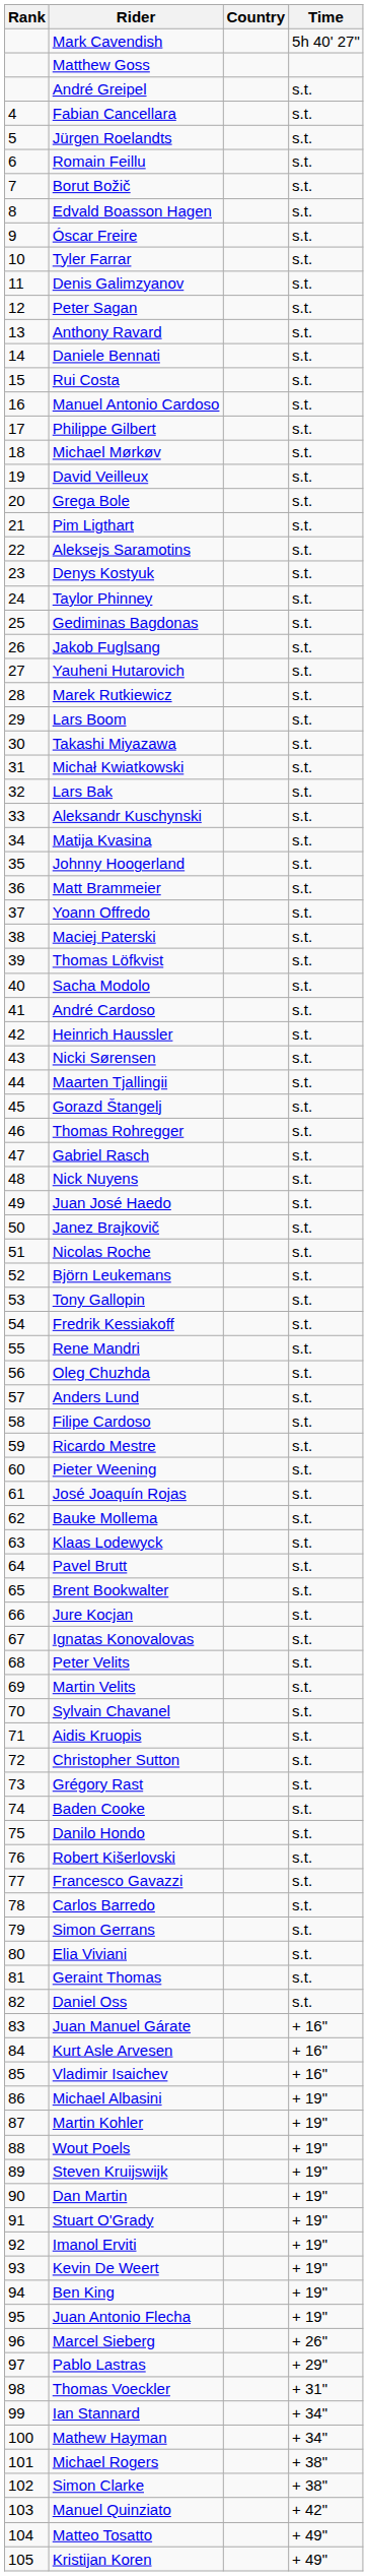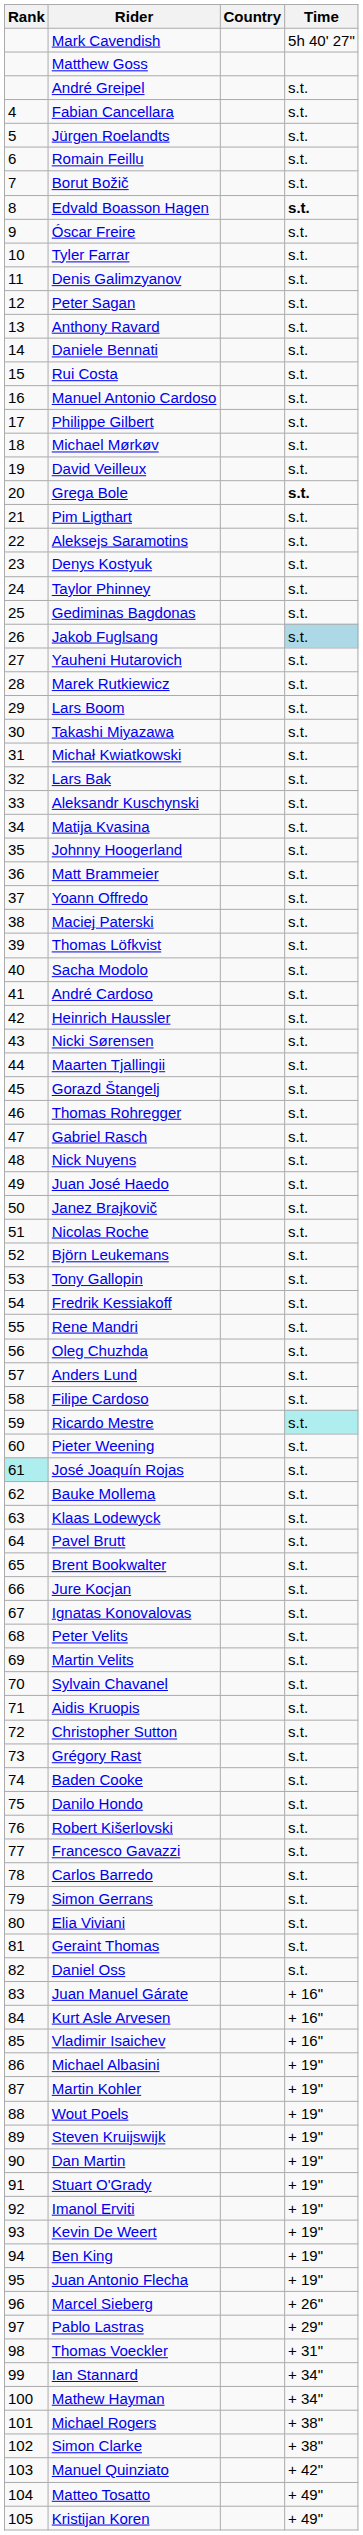 <table class="wikitable" style="font-size:95%; text-align:left;">
 <tr>
 <th>Rank</th>
 <th>Rider</th>
 <th>Country</th>
 <th>Time</th>
 </tr>
 <tr>
 <td></td>
 <td><a href='#'>Mark Cavendish</a></td>
 <td></td>
 <td>5h 40' 27"</td>
 </tr>
 <tr>
 <td></td>
 <td><a href='#'>Matthew Goss</a></td>
 <td></td>
 <td></td>
 </tr>
 <tr>
 <td></td>
 <td><a href='#'>André Greipel</a></td>
 <td></td>
 <td>s.t.</td>
 </tr>
 <tr>
 <td>4</td>
 <td><a href='#'>Fabian Cancellara</a></td>
 <td></td>
 <td>s.t.</td>
 </tr>
 <tr>
 <td>5</td>
 <td><a href='#'>Jürgen Roelandts</a></td>
 <td></td>
 <td>s.t.</td>
 </tr>
 <tr>
 <td>6</td>
 <td><a href='#'>Romain Feillu</a></td>
 <td></td>
 <td>s.t.</td>
 </tr>
 <tr>
 <td>7</td>
 <td><a href='#'>Borut Božič</a></td>
 <td></td>
 <td>s.t.</td>
 </tr>
 <tr>
 <td>8</td>
 <td><a href='#'>Edvald Boasson Hagen</a></td>
 <td></td>
-<td>s.t.</td>
+<td><strong>s.t.</strong></td>
 </tr>
 <tr>
 <td>9</td>
 <td><a href='#'>Óscar Freire</a></td>
 <td></td>
 <td>s.t.</td>
 </tr>
 <tr>
 <td>10</td>
 <td><a href='#'>Tyler Farrar</a></td>
 <td></td>
 <td>s.t.</td>
 </tr>
 <tr>
 <td>11</td>
 <td><a href='#'>Denis Galimzyanov</a></td>
 <td></td>
 <td>s.t.</td>
 </tr>
 <tr>
 <td>12</td>
 <td><a href='#'>Peter Sagan</a></td>
 <td></td>
 <td>s.t.</td>
 </tr>
 <tr>
 <td>13</td>
 <td><a href='#'>Anthony Ravard</a></td>
 <td></td>
 <td>s.t.</td>
 </tr>
 <tr>
 <td>14</td>
 <td><a href='#'>Daniele Bennati</a></td>
 <td></td>
 <td>s.t.</td>
 </tr>
 <tr>
 <td>15</td>
 <td><a href='#'>Rui Costa</a></td>
 <td></td>
 <td>s.t.</td>
 </tr>
 <tr>
 <td>16</td>
 <td><a href='#'>Manuel Antonio Cardoso</a></td>
 <td></td>
 <td>s.t.</td>
 </tr>
 <tr>
 <td>17</td>
 <td><a href='#'>Philippe Gilbert</a></td>
 <td></td>
 <td>s.t.</td>
 </tr>
 <tr>
 <td>18</td>
 <td><a href='#'>Michael Mørkøv</a></td>
 <td></td>
 <td>s.t.</td>
 </tr>
 <tr>
 <td>19</td>
 <td><a href='#'>David Veilleux</a></td>
 <td></td>
 <td>s.t.</td>
 </tr>
 <tr>
 <td>20</td>
 <td><a href='#'>Grega Bole</a></td>
 <td></td>
-<td>s.t.</td>
+<td><strong>s.t.</strong></td>
 </tr>
 <tr>
 <td>21</td>
 <td><a href='#'>Pim Ligthart</a></td>
 <td></td>
 <td>s.t.</td>
 </tr>
 <tr>
 <td>22</td>
 <td><a href='#'>Aleksejs Saramotins</a></td>
 <td></td>
 <td>s.t.</td>
 </tr>
 <tr>
 <td>23</td>
 <td><a href='#'>Denys Kostyuk</a></td>
 <td></td>
 <td>s.t.</td>
 </tr>
 <tr>
 <td>24</td>
 <td><a href='#'>Taylor Phinney</a></td>
 <td></td>
 <td>s.t.</td>
 </tr>
 <tr>
 <td>25</td>
 <td><a href='#'>Gediminas Bagdonas</a></td>
 <td></td>
 <td>s.t.</td>
 </tr>
 <tr>
 <td>26</td>
 <td><a href='#'>Jakob Fuglsang</a></td>
 <td></td>
-<td>s.t.</td>
+<td style="background: lightblue;">s.t.</td>
 </tr>
 <tr>
 <td>27</td>
 <td><a href='#'>Yauheni Hutarovich</a></td>
 <td></td>
 <td>s.t.</td>
 </tr>
 <tr>
 <td>28</td>
 <td><a href='#'>Marek Rutkiewicz</a></td>
 <td></td>
 <td>s.t.</td>
 </tr>
 <tr>
 <td>29</td>
 <td><a href='#'>Lars Boom</a></td>
 <td></td>
 <td>s.t.</td>
 </tr>
 <tr>
 <td>30</td>
 <td><a href='#'>Takashi Miyazawa</a></td>
 <td></td>
 <td>s.t.</td>
 </tr>
 <tr>
 <td>31</td>
 <td><a href='#'>Michał Kwiatkowski</a></td>
 <td></td>
 <td>s.t.</td>
 </tr>
 <tr>
 <td>32</td>
 <td><a href='#'>Lars Bak</a></td>
 <td></td>
 <td>s.t.</td>
 </tr>
 <tr>
 <td>33</td>
 <td><a href='#'>Aleksandr Kuschynski</a></td>
 <td></td>
 <td>s.t.</td>
 </tr>
 <tr>
 <td>34</td>
 <td><a href='#'>Matija Kvasina</a></td>
 <td></td>
 <td>s.t.</td>
 </tr>
 <tr>
 <td>35</td>
 <td><a href='#'>Johnny Hoogerland</a></td>
 <td></td>
 <td>s.t.</td>
 </tr>
 <tr>
 <td>36</td>
 <td><a href='#'>Matt Brammeier</a></td>
 <td></td>
 <td>s.t.</td>
 </tr>
 <tr>
 <td>37</td>
 <td><a href='#'>Yoann Offredo</a></td>
 <td></td>
 <td>s.t.</td>
 </tr>
 <tr>
 <td>38</td>
 <td><a href='#'>Maciej Paterski</a></td>
 <td></td>
 <td>s.t.</td>
 </tr>
 <tr>
 <td>39</td>
 <td><a href='#'>Thomas Löfkvist</a></td>
 <td></td>
 <td>s.t.</td>
 </tr>
 <tr>
 <td>40</td>
 <td><a href='#'>Sacha Modolo</a></td>
 <td></td>
 <td>s.t.</td>
 </tr>
 <tr>
 <td>41</td>
 <td><a href='#'>André Cardoso</a></td>
 <td></td>
 <td>s.t.</td>
 </tr>
 <tr>
 <td>42</td>
 <td><a href='#'>Heinrich Haussler</a></td>
 <td></td>
 <td>s.t.</td>
 </tr>
 <tr>
 <td>43</td>
 <td><a href='#'>Nicki Sørensen</a></td>
 <td></td>
 <td>s.t.</td>
 </tr>
 <tr>
 <td>44</td>
 <td><a href='#'>Maarten Tjallingii</a></td>
 <td></td>
 <td>s.t.</td>
 </tr>
 <tr>
 <td>45</td>
 <td><a href='#'>Gorazd Štangelj</a></td>
 <td></td>
 <td>s.t.</td>
 </tr>
 <tr>
 <td>46</td>
 <td><a href='#'>Thomas Rohregger</a></td>
 <td></td>
 <td>s.t.</td>
 </tr>
 <tr>
 <td>47</td>
 <td><a href='#'>Gabriel Rasch</a></td>
 <td></td>
 <td>s.t.</td>
 </tr>
 <tr>
 <td>48</td>
 <td><a href='#'>Nick Nuyens</a></td>
 <td></td>
 <td>s.t.</td>
 </tr>
 <tr>
 <td>49</td>
 <td><a href='#'>Juan José Haedo</a></td>
 <td></td>
 <td>s.t.</td>
 </tr>
 <tr>
 <td>50</td>
 <td><a href='#'>Janez Brajkovič</a></td>
 <td></td>
 <td>s.t.</td>
 </tr>
 <tr>
 <td>51</td>
 <td><a href='#'>Nicolas Roche</a></td>
 <td></td>
 <td>s.t.</td>
 </tr>
 <tr>
 <td>52</td>
 <td><a href='#'>Björn Leukemans</a></td>
 <td></td>
 <td>s.t.</td>
 </tr>
 <tr>
 <td>53</td>
 <td><a href='#'>Tony Gallopin</a></td>
 <td></td>
 <td>s.t.</td>
 </tr>
 <tr>
 <td>54</td>
 <td><a href='#'>Fredrik Kessiakoff</a></td>
 <td></td>
 <td>s.t.</td>
 </tr>
 <tr>
 <td>55</td>
 <td><a href='#'>Rene Mandri</a></td>
 <td></td>
 <td>s.t.</td>
 </tr>
 <tr>
 <td>56</td>
 <td><a href='#'>Oleg Chuzhda</a></td>
 <td></td>
 <td>s.t.</td>
 </tr>
 <tr>
 <td>57</td>
 <td><a href='#'>Anders Lund</a></td>
 <td></td>
 <td>s.t.</td>
 </tr>
 <tr>
 <td>58</td>
 <td><a href='#'>Filipe Cardoso</a></td>
 <td></td>
 <td>s.t.</td>
 </tr>
 <tr>
 <td>59</td>
 <td><a href='#'>Ricardo Mestre</a></td>
 <td></td>
-<td>s.t.</td>
+<td style="background: paleturquoise;">s.t.</td>
 </tr>
 <tr>
 <td>60</td>
 <td><a href='#'>Pieter Weening</a></td>
 <td></td>
 <td>s.t.</td>
 </tr>
 <tr>
-<td>61</td>
+<td style="background: paleturquoise;">61</td>
 <td><a href='#'>José Joaquín Rojas</a></td>
 <td></td>
 <td>s.t.</td>
 </tr>
 <tr>
 <td>62</td>
 <td><a href='#'>Bauke Mollema</a></td>
 <td></td>
 <td>s.t.</td>
 </tr>
 <tr>
 <td>63</td>
 <td><a href='#'>Klaas Lodewyck</a></td>
 <td></td>
 <td>s.t.</td>
 </tr>
 <tr>
 <td>64</td>
 <td><a href='#'>Pavel Brutt</a></td>
 <td></td>
 <td>s.t.</td>
 </tr>
 <tr>
 <td>65</td>
 <td><a href='#'>Brent Bookwalter</a></td>
 <td></td>
 <td>s.t.</td>
 </tr>
 <tr>
 <td>66</td>
 <td><a href='#'>Jure Kocjan</a></td>
 <td></td>
 <td>s.t.</td>
 </tr>
 <tr>
 <td>67</td>
 <td><a href='#'>Ignatas Konovalovas</a></td>
 <td></td>
 <td>s.t.</td>
 </tr>
 <tr>
 <td>68</td>
 <td><a href='#'>Peter Velits</a></td>
 <td></td>
 <td>s.t.</td>
 </tr>
 <tr>
 <td>69</td>
 <td><a href='#'>Martin Velits</a></td>
 <td></td>
 <td>s.t.</td>
 </tr>
 <tr>
 <td>70</td>
 <td><a href='#'>Sylvain Chavanel</a></td>
 <td></td>
 <td>s.t.</td>
 </tr>
 <tr>
 <td>71</td>
 <td><a href='#'>Aidis Kruopis</a></td>
 <td></td>
 <td>s.t.</td>
 </tr>
 <tr>
 <td>72</td>
 <td><a href='#'>Christopher Sutton</a></td>
 <td></td>
 <td>s.t.</td>
 </tr>
 <tr>
 <td>73</td>
 <td><a href='#'>Grégory Rast</a></td>
 <td></td>
 <td>s.t.</td>
 </tr>
 <tr>
 <td>74</td>
 <td><a href='#'>Baden Cooke</a></td>
 <td></td>
 <td>s.t.</td>
 </tr>
 <tr>
 <td>75</td>
 <td><a href='#'>Danilo Hondo</a></td>
 <td></td>
 <td>s.t.</td>
 </tr>
 <tr>
 <td>76</td>
 <td><a href='#'>Robert Kišerlovski</a></td>
 <td></td>
 <td>s.t.</td>
 </tr>
 <tr>
 <td>77</td>
 <td><a href='#'>Francesco Gavazzi</a></td>
 <td></td>
 <td>s.t.</td>
 </tr>
 <tr>
 <td>78</td>
 <td><a href='#'>Carlos Barredo</a></td>
 <td></td>
 <td>s.t.</td>
 </tr>
 <tr>
 <td>79</td>
 <td><a href='#'>Simon Gerrans</a></td>
 <td></td>
 <td>s.t.</td>
 </tr>
 <tr>
 <td>80</td>
 <td><a href='#'>Elia Viviani</a></td>
 <td></td>
 <td>s.t.</td>
 </tr>
 <tr>
 <td>81</td>
 <td><a href='#'>Geraint Thomas</a></td>
 <td></td>
 <td>s.t.</td>
 </tr>
 <tr>
 <td>82</td>
 <td><a href='#'>Daniel Oss</a></td>
 <td></td>
 <td>s.t.</td>
 </tr>
 <tr>
 <td>83</td>
 <td><a href='#'>Juan Manuel Gárate</a></td>
 <td></td>
 <td>+ 16"</td>
 </tr>
 <tr>
 <td>84</td>
 <td><a href='#'>Kurt Asle Arvesen</a></td>
 <td></td>
 <td>+ 16"</td>
 </tr>
 <tr>
 <td>85</td>
 <td><a href='#'>Vladimir Isaichev</a></td>
 <td></td>
 <td>+ 16"</td>
 </tr>
 <tr>
 <td>86</td>
 <td><a href='#'>Michael Albasini</a></td>
 <td></td>
 <td>+ 19"</td>
 </tr>
 <tr>
 <td>87</td>
 <td><a href='#'>Martin Kohler</a></td>
 <td></td>
 <td>+ 19"</td>
 </tr>
 <tr>
 <td>88</td>
 <td><a href='#'>Wout Poels</a></td>
 <td></td>
 <td>+ 19"</td>
 </tr>
 <tr>
 <td>89</td>
 <td><a href='#'>Steven Kruijswijk</a></td>
 <td></td>
 <td>+ 19"</td>
 </tr>
 <tr>
 <td>90</td>
 <td><a href='#'>Dan Martin</a></td>
 <td></td>
 <td>+ 19"</td>
 </tr>
 <tr>
 <td>91</td>
 <td><a href='#'>Stuart O'Grady</a></td>
 <td></td>
 <td>+ 19"</td>
 </tr>
 <tr>
 <td>92</td>
 <td><a href='#'>Imanol Erviti</a></td>
 <td></td>
 <td>+ 19"</td>
 </tr>
 <tr>
 <td>93</td>
 <td><a href='#'>Kevin De Weert</a></td>
 <td></td>
 <td>+ 19"</td>
 </tr>
 <tr>
 <td>94</td>
 <td><a href='#'>Ben King</a></td>
 <td></td>
 <td>+ 19"</td>
 </tr>
 <tr>
 <td>95</td>
 <td><a href='#'>Juan Antonio Flecha</a></td>
 <td></td>
 <td>+ 19"</td>
 </tr>
 <tr>
 <td>96</td>
 <td><a href='#'>Marcel Sieberg</a></td>
 <td></td>
 <td>+ 26"</td>
 </tr>
 <tr>
 <td>97</td>
 <td><a href='#'>Pablo Lastras</a></td>
 <td></td>
 <td>+ 29"</td>
 </tr>
 <tr>
 <td>98</td>
 <td><a href='#'>Thomas Voeckler</a></td>
 <td></td>
 <td>+ 31"</td>
 </tr>
 <tr>
 <td>99</td>
 <td><a href='#'>Ian Stannard</a></td>
 <td></td>
 <td>+ 34"</td>
 </tr>
 <tr>
 <td>100</td>
 <td><a href='#'>Mathew Hayman</a></td>
 <td></td>
 <td>+ 34"</td>
 </tr>
 <tr>
 <td>101</td>
 <td><a href='#'>Michael Rogers</a></td>
 <td></td>
 <td>+ 38"</td>
 </tr>
 <tr>
 <td>102</td>
 <td><a href='#'>Simon Clarke</a></td>
 <td></td>
 <td>+ 38"</td>
 </tr>
 <tr>
 <td>103</td>
 <td><a href='#'>Manuel Quinziato</a></td>
 <td></td>
 <td>+ 42"</td>
 </tr>
 <tr>
 <td>104</td>
 <td><a href='#'>Matteo Tosatto</a></td>
 <td></td>
 <td>+ 49"</td>
 </tr>
 <tr>
 <td>105</td>
 <td><a href='#'>Kristijan Koren</a></td>
 <td></td>
 <td>+ 49"</td>
 </tr>
 </table>
